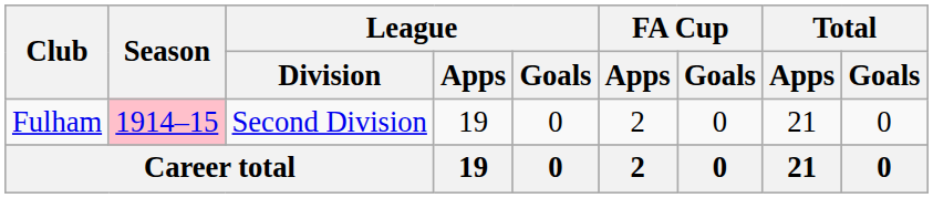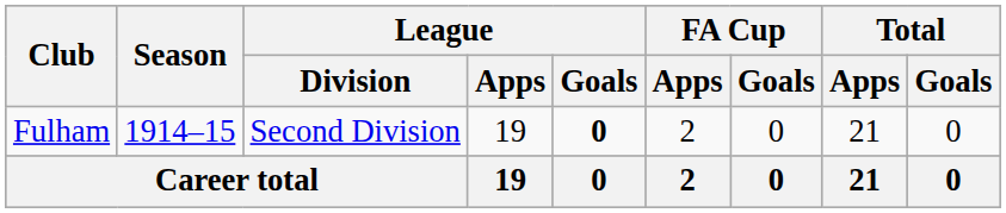 <table class="wikitable" style="text-align: center;">
 <tr>
 <th rowspan="2">Club</th>
 <th rowspan="2">Season</th>
 <th colspan="3">League</th>
 <th colspan="2">FA Cup</th>
 <th colspan="2">Total</th>
 </tr>
 <tr>
 <th>Division</th>
 <th>Apps</th>
 <th>Goals</th>
 <th>Apps</th>
 <th>Goals</th>
 <th>Apps</th>
 <th>Goals</th>
 </tr>
 <tr>
 <td><a href='#'>Fulham</a></td>
-<td style="background: pink;"><a href='#'>1914–15</a></td>
+<td><a href='#'>1914–15</a></td>
 <td><a href='#'>Second Division</a></td>
 <td>19</td>
-<td>0</td>
+<td><strong>0</strong></td>
 <td>2</td>
 <td>0</td>
 <td>21</td>
 <td>0</td>
 </tr>
 <tr>
 <th colspan="3">Career total</th>
 <th>19</th>
 <th>0</th>
 <th>2</th>
 <th>0</th>
 <th>21</th>
 <th>0</th>
 </tr>
 </table>
